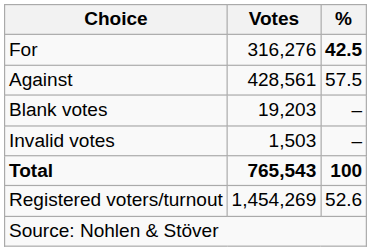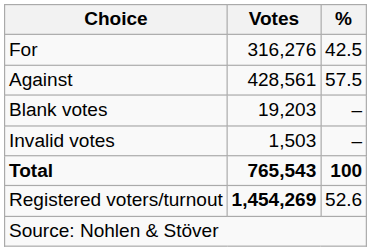 <table class=wikitable style=text-align:right>
 <tr>
 <th>Choice</th>
 <th>Votes</th>
 <th>%</th>
 </tr>
 <tr>
 <td align=left>For</td>
 <td>316,276</td>
-<td><strong>42.5</strong></td>
+<td>42.5</td>
 </tr>
 <tr>
 <td align=left>Against</td>
 <td>428,561</td>
 <td>57.5</td>
 </tr>
 <tr>
 <td align=left>Blank votes</td>
 <td>19,203</td>
 <td>–</td>
 </tr>
 <tr>
 <td align=left>Invalid votes</td>
 <td>1,503</td>
 <td>–</td>
 </tr>
 <tr>
 <td align=left><strong>Total</strong></td>
 <td><strong>765,543</strong></td>
 <td><strong>100</strong></td>
 </tr>
 <tr>
 <td align=left>Registered voters/turnout</td>
-<td>1,454,269</td>
+<td><strong>1,454,269</strong></td>
 <td>52.6</td>
 </tr>
 <tr>
 <td align=left colspan=6>Source: Nohlen & Stöver</td>
 </tr>
 </table>
